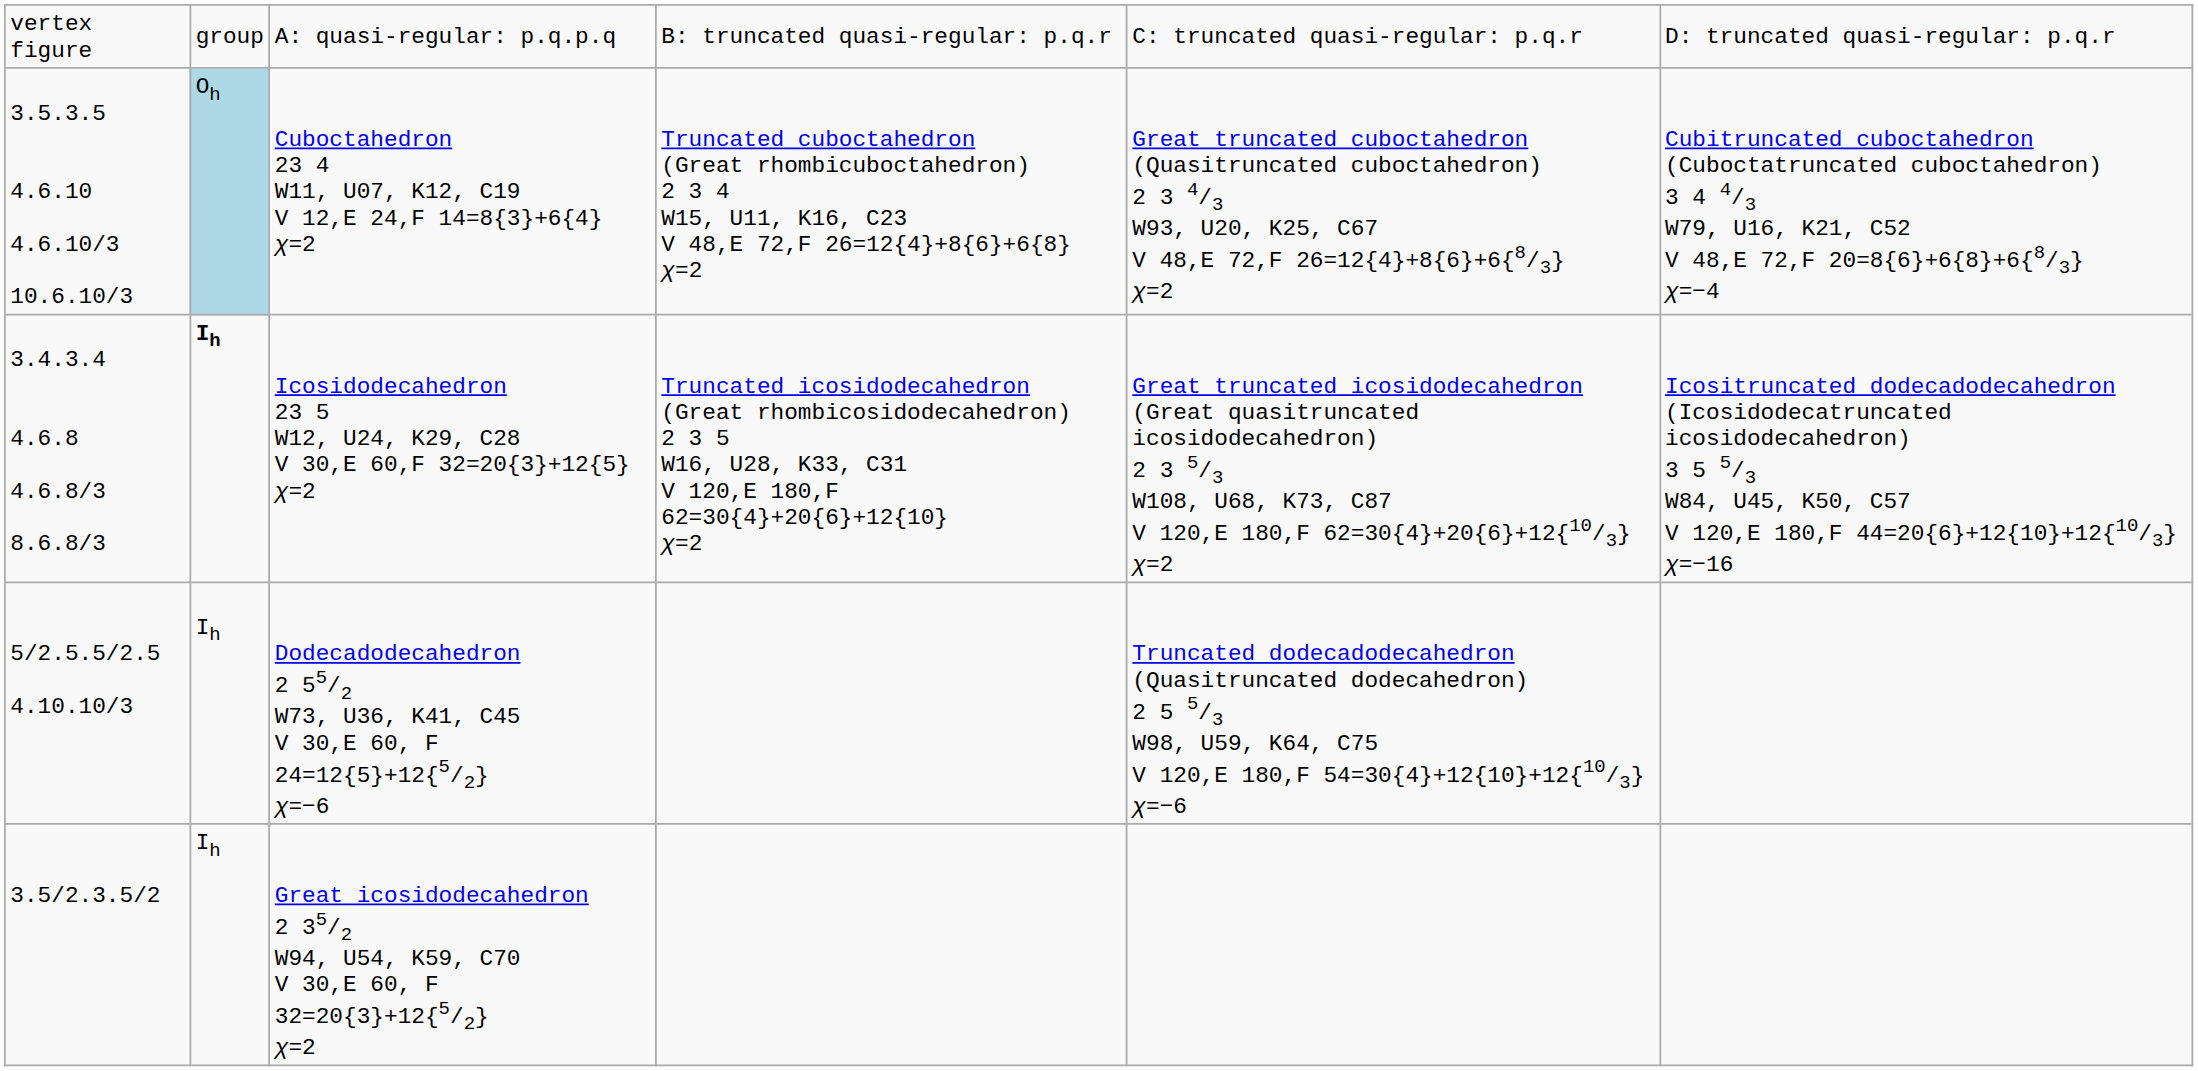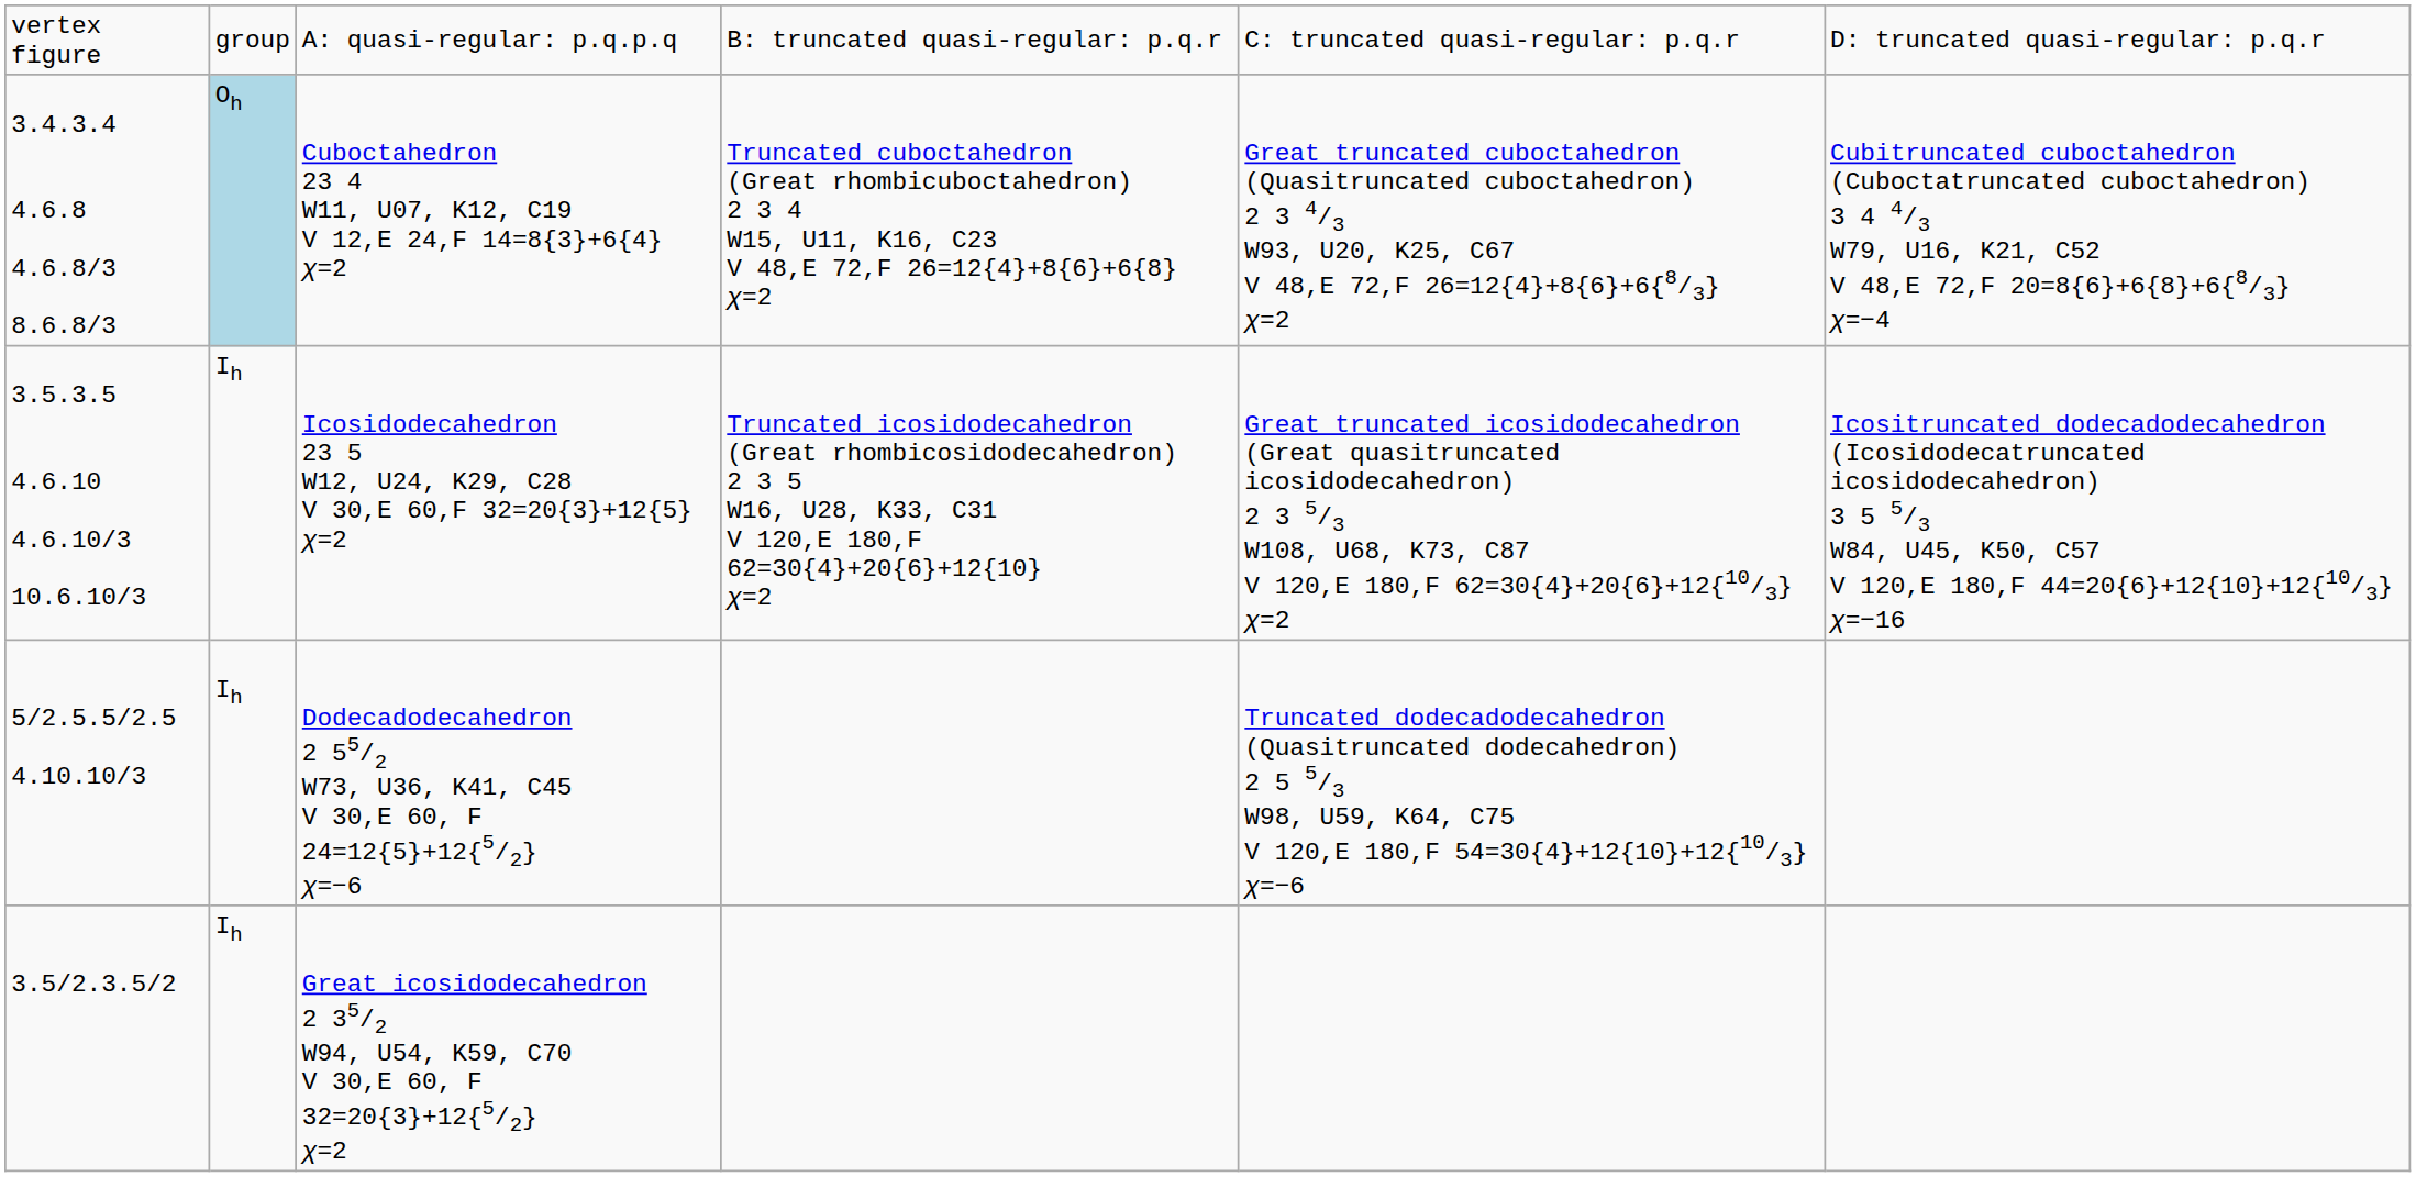 <table class="wikitable">
 <tr>
 <td>vertex figure</td>
 <td>group</td>
 <td>A: quasi-regular: p.q.p.q</td>
 <td>B: truncated quasi-regular: p.q.r</td>
 <td>C: truncated quasi-regular: p.q.r</td>
 <td>D: truncated quasi-regular: p.q.r</td>
 </tr>
 <tr valign="top">
-<td><br>3.5.3.5<br><br><br>4.6.10<br> <br>4.6.10/3<br> <br>10.6.10/3</td>
+<td><br>3.4.3.4<br><br><br>4.6.8<br> <br>4.6.8/3<br> <br>8.6.8/3</td>
 <td style="background: lightblue;">O<sub>h</sub></td>
 <td><br><br> <a href='#'>Cuboctahedron</a><br> 23 4<br> W11, U07, K12, C19<br> V 12,E 24,F 14=8{3}+6{4} <br><em>χ</em>=2</td>
 <td><br><br> <a href='#'>Truncated cuboctahedron</a><br> (Great rhombicuboctahedron)<br> 2 3 4<br> W15, U11, K16, C23<br> V 48,E 72,F 26=12{4}+8{6}+6{8} <br><em>χ</em>=2</td>
 <td><br><br> <a href='#'>Great truncated cuboctahedron</a><br> (Quasitruncated cuboctahedron)<br> 2 3 <sup>4</sup>/<sub>3</sub><br> W93, U20, K25, C67<br> V 48,E 72,F 26=12{4}+8{6}+6{<sup>8</sup>/<sub>3</sub>} <br><em>χ</em>=2</td>
 <td><br><br> <a href='#'>Cubitruncated cuboctahedron</a><br> (Cuboctatruncated cuboctahedron)<br> 3 4 <sup>4</sup>/<sub>3</sub><br> W79, U16, K21, C52<br> V 48,E 72,F 20=8{6}+6{8}+6{<sup>8</sup>/<sub>3</sub>} <br><em>χ</em>=−4</td>
 </tr>
 <tr valign="top">
-<td><br>3.4.3.4<br><br><br>4.6.8<br> <br>4.6.8/3<br> <br>8.6.8/3</td>
-<td><strong>I<sub>h</sub></strong></td>
+<td><br>3.5.3.5<br><br><br>4.6.10<br> <br>4.6.10/3<br> <br>10.6.10/3</td>
+<td>I<sub>h</sub></td>
 <td><br><br> <a href='#'>Icosidodecahedron</a><br> 23 5<br> W12, U24, K29, C28<br> V 30,E 60,F 32=20{3}+12{5} <br><em>χ</em>=2</td>
 <td><br><br> <a href='#'>Truncated icosidodecahedron</a><br> (Great rhombicosidodecahedron)<br> 2 3 5<br> W16, U28, K33, C31<br> V 120,E 180,F 62=30{4}+20{6}+12{10} <br><em>χ</em>=2</td>
 <td><br><br> <a href='#'>Great truncated icosidodecahedron</a><br> (Great quasitruncated icosidodecahedron)<br> 2 3 <sup>5</sup>/<sub>3</sub><br> W108, U68, K73, C87<br> V 120,E 180,F 62=30{4}+20{6}+12{<sup>10</sup>/<sub>3</sub>} <br><em>χ</em>=2</td>
 <td><br><br> <a href='#'>Icositruncated dodecadodecahedron</a><br> (Icosidodecatruncated icosidodecahedron)<br> 3 5 <sup>5</sup>/<sub>3</sub><br> W84, U45, K50, C57<br> V 120,E 180,F 44=20{6}+12{10}+12{<sup>10</sup>/<sub>3</sub>} <br><em>χ</em>=−16</td>
 </tr>
 <tr valign=top>
 <td><br><br>5/2.5.5/2.5<br> <br> 4.10.10/3</td>
 <td><br>I<sub>h</sub></td>
 <td><br><br> <a href='#'>Dodecadodecahedron</a><br> 2 5<sup>5</sup>/<sub>2</sub><br> W73, U36, K41, C45<br> V 30,E 60, F 24=12{5}+12{<sup>5</sup>/<sub>2</sub>} <br><em>χ</em>=−6</td>
 <td></td>
 <td><br><br> <a href='#'>Truncated dodecadodecahedron</a><br> (Quasitruncated dodecahedron)<br> 2 5 <sup>5</sup>/<sub>3</sub><br> W98, U59, K64, C75<br> V 120,E 180,F 54=30{4}+12{10}+12{<sup>10</sup>/<sub>3</sub>} <br><em>χ</em>=−6</td>
 <td></td>
 </tr>
 <tr valign="top">
 <td><br><br>3.5/2.3.5/2</td>
 <td>I<sub>h</sub></td>
 <td><br><br> <a href='#'>Great icosidodecahedron</a><br> 2 3<sup>5</sup>/<sub>2</sub><br> W94, U54, K59, C70<br> V 30,E 60, F 32=20{3}+12{<sup>5</sup>/<sub>2</sub>} <br><em>χ</em>=2</td>
 <td></td>
 <td></td>
 <td></td>
 </tr>
 </table>
